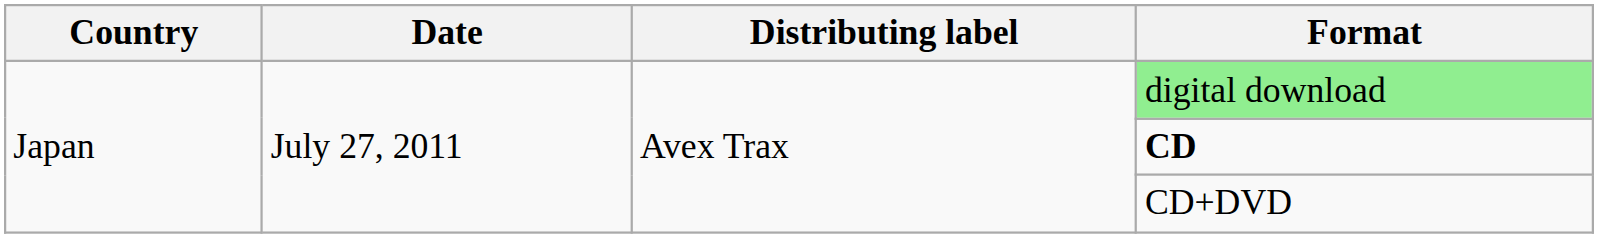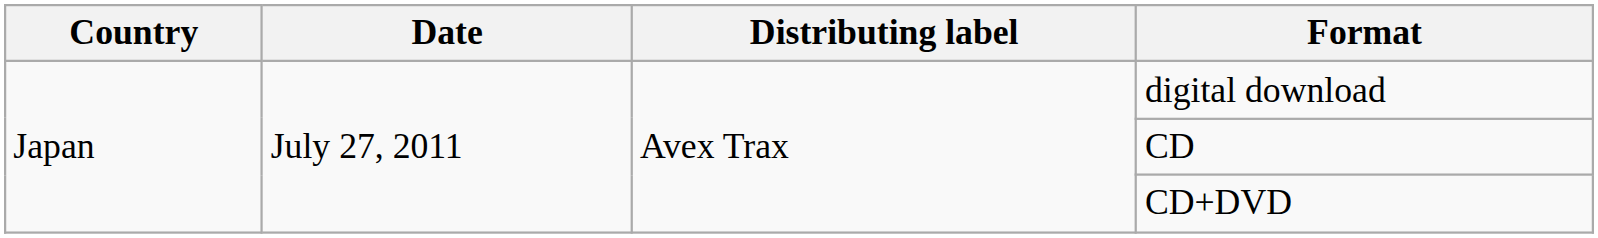 <table class="wikitable" style="width:45%">
 <tr>
 <th>Country</th>
 <th>Date</th>
 <th>Distributing label</th>
 <th>Format</th>
 </tr>
 <tr>
 <td rowspan=3>Japan</td>
 <td rowspan=3>July 27, 2011</td>
 <td rowspan=3>Avex Trax</td>
-<td style="background: lightgreen;">digital download</td>
+<td>digital download</td>
 </tr>
 <tr>
-<td><strong>CD</strong></td>
+<td>CD</td>
 </tr>
 <tr>
 <td>CD+DVD</td>
 </tr>
 </table>
